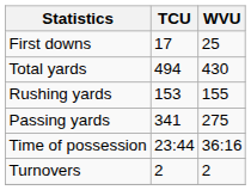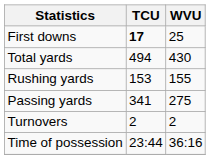 <table class="wikitable" style="float: left;">
 <tr>
 <th>Statistics</th>
 <th>TCU</th>
 <th>WVU</th>
 </tr>
 <tr>
 <td>First downs</td>
-<td>17</td>
+<td><strong>17</strong></td>
 <td>25</td>
 </tr>
 <tr>
 <td>Total yards</td>
 <td>494</td>
 <td>430</td>
 </tr>
 <tr>
 <td>Rushing yards</td>
 <td>153</td>
 <td>155</td>
 </tr>
 <tr>
 <td>Passing yards</td>
 <td>341</td>
 <td>275</td>
 </tr>
 <tr>
+<td>Turnovers</td>
+<td>2</td>
+<td>2</td>
+</tr>
+<tr>
 <td>Time of possession</td>
 <td>23:44</td>
 <td>36:16</td>
 </tr>
 <tr>
-<td>Turnovers</td>
-<td>2</td>
-<td>2</td>
-</tr>
-<tr>
 </tr>
 </table>
